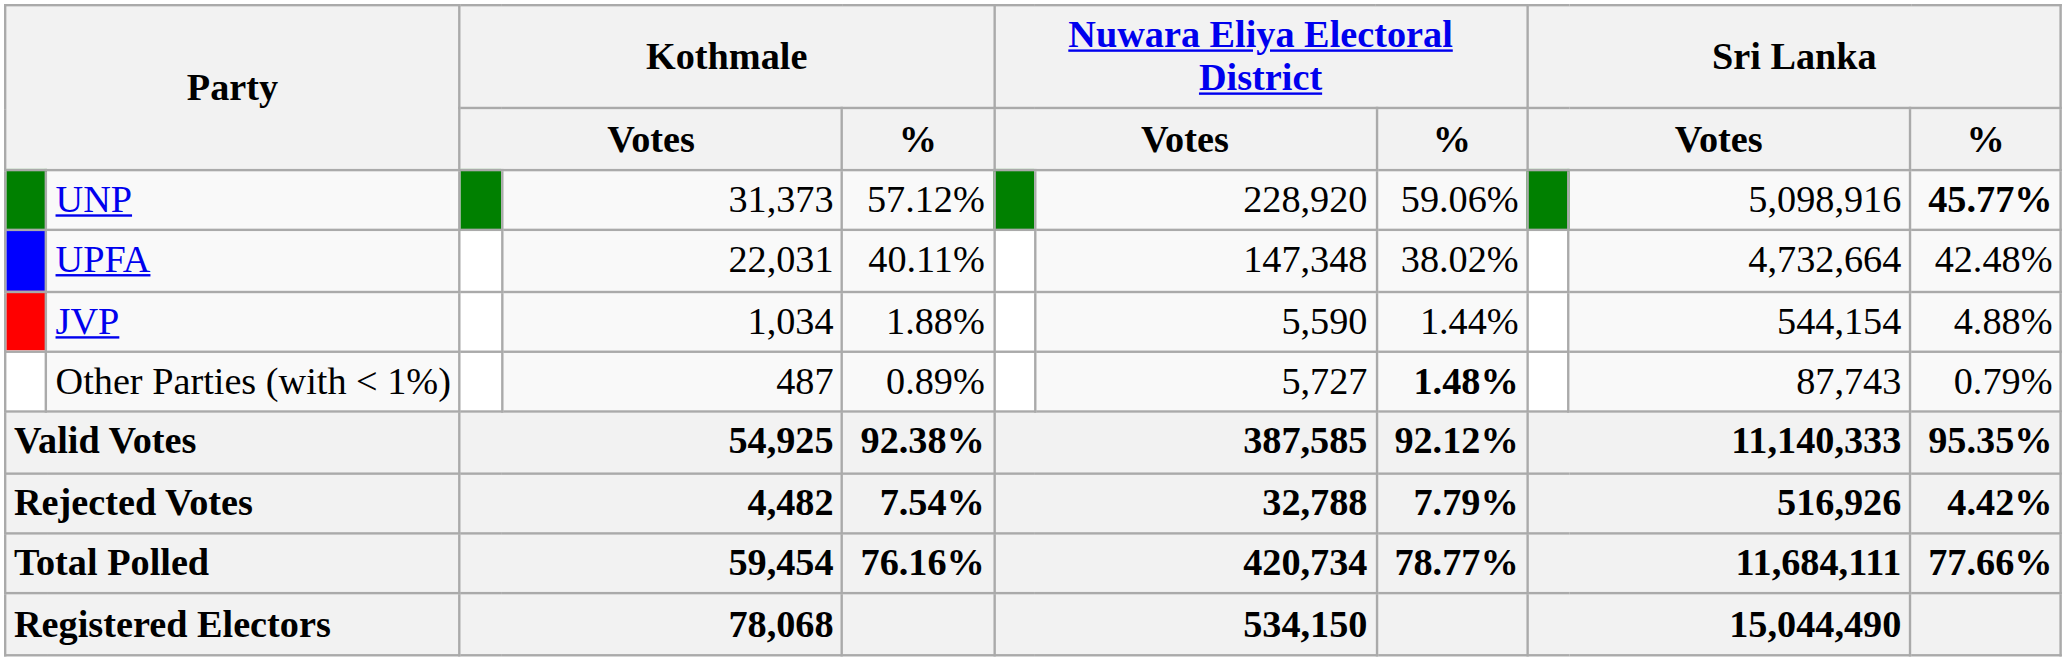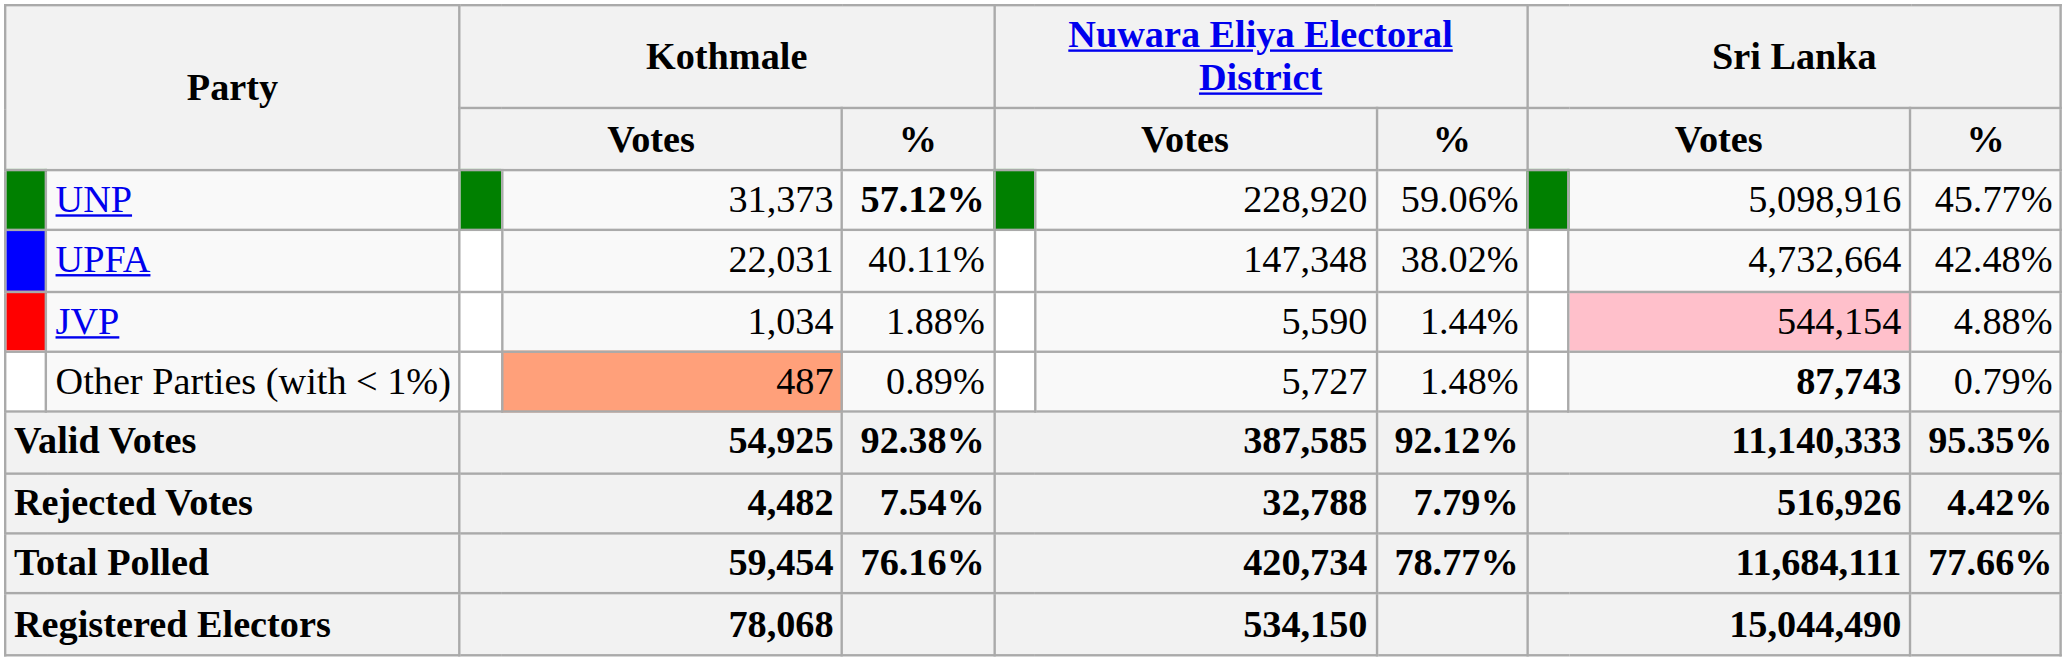 <table class="wikitable">
 <tr>
 <th colspan="2" width="144px"rowspan="2">Party</th>
 <th colspan="3" width="216px">Kothmale</th>
 <th colspan="3" width="216px"><a href='#'>Nuwara Eliya Electoral District</a></th>
 <th colspan="3" width="216px">Sri Lanka</th>
 </tr>
 <tr>
 <th colspan="2" width="144px">Votes</th>
 <th>%</th>
 <th colspan="2" width="144px">Votes</th>
 <th>%</th>
 <th colspan="2" width="144px">Votes</th>
 <th>%</th>
 </tr>
 <tr>
 <td style="background-color:green;" width="10px"></td>
 <td style="text-align:left;"><a href='#'>UNP</a></td>
 <td style="background-color:green;" width="10px"></td>
 <td style="text-align:right;">31,373</td>
-<td style="text-align:right;">57.12%</td>
+<td style="text-align:right;"><strong>57.12%</strong></td>
 <td style="background-color:green;" width="10px"></td>
 <td style="text-align:right;">228,920</td>
 <td style="text-align:right;">59.06%</td>
 <td style="background-color:green;" width="10px"></td>
 <td style="text-align:right;">5,098,916</td>
-<td style="text-align:right;"><strong>45.77%</strong></td>
+<td style="text-align:right;">45.77%</td>
 </tr>
 <tr>
 <td style="background-color:blue;" width="10px"></td>
 <td style="text-align:left;"><a href='#'>UPFA</a></td>
 <td style="background-color:white;" width="10px"></td>
 <td style="text-align:right;">22,031</td>
 <td style="text-align:right;">40.11%</td>
 <td style="background-color:white;" width="10px"></td>
 <td style="text-align:right;">147,348</td>
 <td style="text-align:right;">38.02%</td>
 <td style="background-color:white;" width="10px"></td>
 <td style="text-align:right;">4,732,664</td>
 <td style="text-align:right;">42.48%</td>
 </tr>
 <tr>
 <td style="background-color:red;" width="10px"></td>
 <td style="text-align:left;"><a href='#'>JVP</a></td>
 <td style="background-color:white;" width="10px"></td>
 <td style="text-align:right;">1,034</td>
 <td style="text-align:right;">1.88%</td>
 <td style="background-color:white;" width="10px"></td>
 <td style="text-align:right;">5,590</td>
 <td style="text-align:right;">1.44%</td>
 <td style="background-color:white;" width="10px"></td>
-<td style="text-align:right;">544,154</td>
+<td style="background: pink; text-align:right;">544,154</td>
 <td style="text-align:right;">4.88%</td>
 </tr>
 <tr>
 <td style="background-color:white;" width="10px"></td>
 <td style="text-align:left;">Other Parties (with < 1%)</td>
 <td style="background-color:white;" width="10px"></td>
-<td style="text-align:right;">487</td>
+<td style="background: lightsalmon; text-align:right;">487</td>
 <td style="text-align:right;">0.89%</td>
 <td style="background-color:white;" width="10px"></td>
 <td style="text-align:right;">5,727</td>
-<td style="text-align:right;"><strong>1.48%</strong></td>
+<td style="text-align:right;">1.48%</td>
 <td style="background-color:white;" width="10px"></td>
-<td style="text-align:right;">87,743</td>
+<td style="text-align:right;"><strong>87,743</strong></td>
 <td style="text-align:right;">0.79%</td>
 </tr>
 <tr>
 <th colspan="2" width="144px"style="text-align:left;">Valid Votes</th>
 <th style="text-align:right;"colspan="2" width="144px">54,925</th>
 <th style="text-align:right;">92.38%</th>
 <th style="text-align:right;"colspan="2" width="144px">387,585</th>
 <th style="text-align:right;">92.12%</th>
 <th style="text-align:right;"colspan="2" width="144px">11,140,333</th>
 <th style="text-align:right;">95.35%</th>
 </tr>
 <tr>
 <th colspan="2" width="144px"style="text-align:left;">Rejected Votes</th>
 <th style="text-align:right;"colspan="2" width="144px">4,482</th>
 <th style="text-align:right;">7.54%</th>
 <th style="text-align:right;"colspan="2" width="144px">32,788</th>
 <th style="text-align:right;">7.79%</th>
 <th style="text-align:right;"colspan="2" width="144px">516,926</th>
 <th style="text-align:right;">4.42%</th>
 </tr>
 <tr>
 <th colspan="2" width="144px"style="text-align:left;">Total Polled</th>
 <th style="text-align:right;"colspan="2" width="144px">59,454</th>
 <th style="text-align:right;">76.16%</th>
 <th style="text-align:right;"colspan="2" width="144px">420,734</th>
 <th style="text-align:right;">78.77%</th>
 <th style="text-align:right;"colspan="2" width="144px">11,684,111</th>
 <th style="text-align:right;">77.66%</th>
 </tr>
 <tr>
 <th colspan="2" width="144px"style="text-align:left;">Registered Electors</th>
 <th style="text-align:right;"colspan="2" width="144px">78,068</th>
 <th></th>
 <th style="text-align:right;"colspan="2" width="144px">534,150</th>
 <th></th>
 <th style="text-align:right;"colspan="2" width="144px">15,044,490</th>
 <th></th>
 </tr>
 </table>
